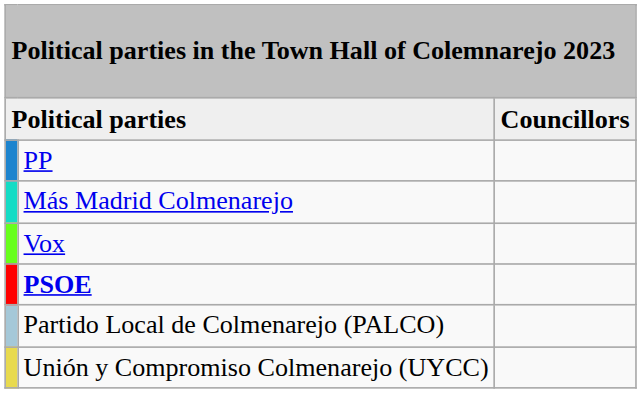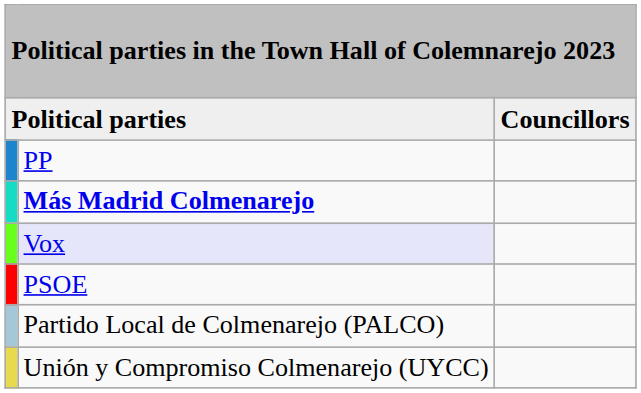 <table class="wikitable" style="margin-left: auto; margin-right: auto; border: none;">
 <tr ---->
 <td colspan="5" bgcolor="#C0C0C0"><p><strong>Political parties in the Town Hall of Colemnarejo 2023</strong></p></td>
 </tr>
 <tr ---->
 <td bgcolor="#EFEFEF" colspan=2><strong>Political parties</strong></td>
 <td bgcolor="#EFEFEF"><strong>Councillors</strong></td>
 </tr>
 <tr ---->
 <td style="color:inherit;background:#1D84CE"></td>
 <td><a href='#'>PP</a> </td>
 <td></td>
 </tr>
 <tr ---->
 <td style="color:inherit;background:#14DCC5"></td>
-<td><a href='#'>Más Madrid Colmenarejo</a> </td>
+<td><strong><a href='#'>Más Madrid Colmenarejo</a> </strong></td>
 <td></td>
 </tr>
 <tr ---->
 <td style="color:inherit;background:#67FF1B"></td>
-<td><a href='#'>Vox</a> </td>
+<td style="background: lavender;"><a href='#'>Vox</a> </td>
 <td></td>
 </tr>
 <tr ---->
 <td style="color:inherit;background:#FF0000"></td>
-<td><strong><a href='#'>PSOE</a> </strong></td>
+<td><a href='#'>PSOE</a> </td>
 <td></td>
 </tr>
 <tr ---->
 <td style="color:inherit;background:#A5C8D8"></td>
 <td>Partido Local de Colmenarejo (PALCO)</td>
 <td></td>
 </tr>
 <tr ---->
 <td style="color:inherit;background:#E8DA4E"></td>
 <td>Unión y Compromiso Colmenarejo (UYCC)</td>
 <td></td>
 </tr>
 </table>
